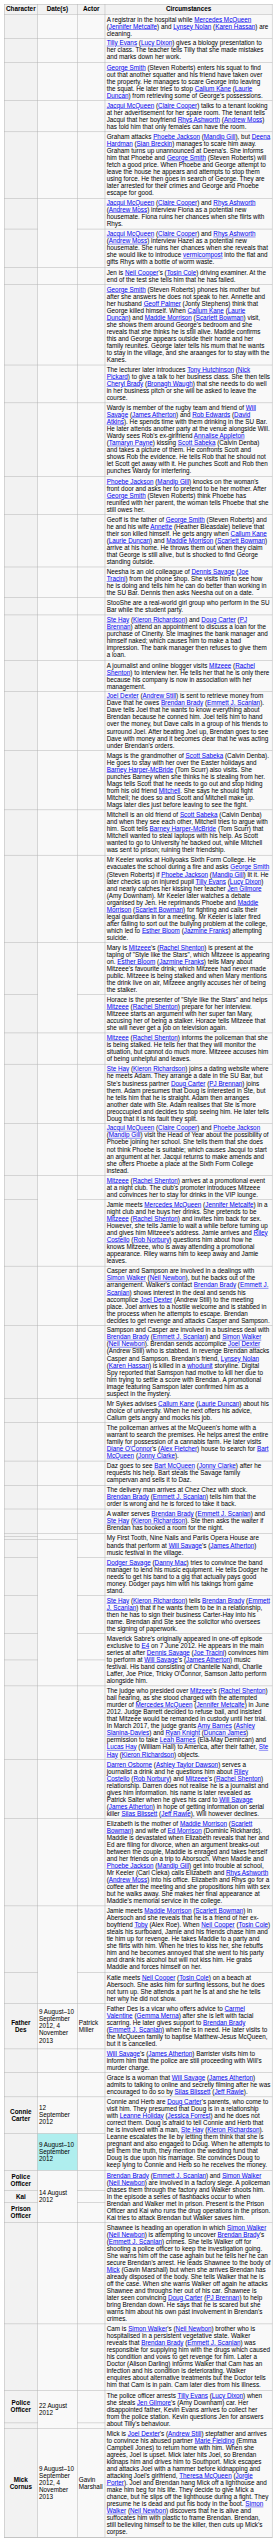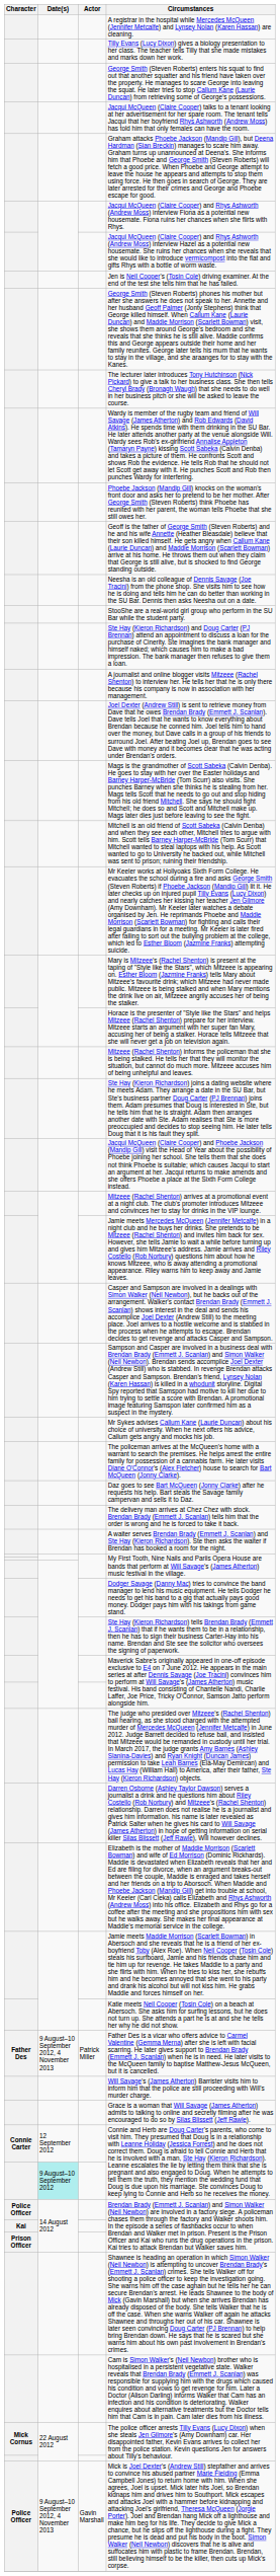 <table class="wikitable plainrowheaders" style="font-size:90%">
 <tr>
 <th scope="col">Character</th>
 <th scope="col">Date(s)</th>
 <th scope="col">Actor</th>
 <th scope="col">Circumstances</th>
 </tr>
 <tr>
 <th scope="row"></th>
 <td></td>
 <td></td>
 <td> A registrar in the hospital while <a href='#'>Mercedes McQueen</a> (<a href='#'>Jennifer Metcalfe</a>) and <a href='#'>Lynsey Nolan</a> (<a href='#'>Karen Hassan</a>) are cleaning.</td>
 </tr>
 <tr>
 <th scope="row"></th>
 <td></td>
 <td></td>
 <td> <a href='#'>Tilly Evans</a> (<a href='#'>Lucy Dixon</a>) gives a biology presentation to her class. The teacher tells Tilly that she made mistakes and marks down her work.</td>
 </tr>
 <tr>
 <th scope="row"></th>
 <td></td>
 <td></td>
 <td> <a href='#'>George Smith</a> (Steven Roberts) enters his squat to find out that another squatter and his friend have taken over the property. He manages to scare George into leaving the squat. He later tries to stop <a href='#'>Callum Kane</a> (<a href='#'>Laurie Duncan</a>) from retrieving some of George's possessions.</td>
 </tr>
 <tr>
 <th scope="row"></th>
 <td></td>
 <td></td>
 <td> <a href='#'>Jacqui McQueen</a> (<a href='#'>Claire Cooper</a>) talks to a tenant looking at her advertisement for her spare room. The tenant tells Jacqui that her boyfriend <a href='#'>Rhys Ashworth</a> (<a href='#'>Andrew Moss</a>) has told him that only females can have the room.</td>
 </tr>
 <tr>
 <th scope="row"></th>
 <td></td>
 <td></td>
 <td> Graham attacks <a href='#'>Phoebe Jackson</a> (<a href='#'>Mandip Gill</a>), but <a href='#'>Deena Hardman</a> (<a href='#'>Sian Breckin</a>) manages to scare him away. Graham turns up unannounced at Deena's. She informs him that Phoebe and <a href='#'>George Smith</a> (Steven Roberts) will fetch a good price. When Phoebe and George attempt to leave the house he appears and attempts to stop them using force. He then goes in search of George. They are later arrested for their crimes and George and Phoebe escape for good.</td>
 </tr>
 <tr>
 <th scope="row"></th>
 <td rowspan="2"></td>
 <td></td>
 <td> <a href='#'>Jacqui McQueen</a> (<a href='#'>Claire Cooper</a>) and <a href='#'>Rhys Ashworth</a> (<a href='#'>Andrew Moss</a>) interview Fiona as a potential new housemate. Fiona ruins her chances when she flirts with Rhys.</td>
 </tr>
 <tr>
 <th scope="row"></th>
 <td></td>
 <td> <a href='#'>Jacqui McQueen</a> (<a href='#'>Claire Cooper</a>) and <a href='#'>Rhys Ashworth</a> (<a href='#'>Andrew Moss</a>) interview Hazel as a potential new housemate. She ruins her chances when she reveals that she would like to introduce <a href='#'>vermicompost</a> into the flat and gifts Rhys with a bottle of worm waste.</td>
 </tr>
 <tr>
 <th scope="row"></th>
 <td></td>
 <td></td>
 <td> Jen is <a href='#'>Neil Cooper</a>'s (<a href='#'>Tosin Cole</a>) driving examiner. At the end of the test she tells him that he has failed.</td>
 </tr>
 <tr>
 <th scope="row"></th>
 <td></td>
 <td></td>
 <td> <a href='#'>George Smith</a> (Steven Roberts) phones his mother but after she answers he does not speak to her. Annette and her husband <a href='#'>Geoff Palmer</a> (Jonty Stephens) think that George killed himself. When <a href='#'>Callum Kane</a> (<a href='#'>Laurie Duncan</a>) and <a href='#'>Maddie Morrison</a> (<a href='#'>Scarlett Bowman</a>) visit, she shows them around George's bedroom and she reveals that she thinks he is still alive. Maddie confirms this and George appears outside their home and her family reunites. George later tells his mum that he wants to stay in the village, and she araanges for to stay with the Kanes.</td>
 </tr>
 <tr>
 <th scope="row"></th>
 <td></td>
 <td></td>
 <td> The lecturer later introduces <a href='#'>Tony Hutchinson</a> (<a href='#'>Nick Pickard</a>) to give a talk to her business class. She then tells <a href='#'>Cheryl Brady</a> (<a href='#'>Bronagh Waugh</a>) that she needs to do well in her business pitch or she will be asked to leave the course.</td>
 </tr>
 <tr>
 <th scope="row"></th>
 <td></td>
 <td></td>
 <td> Wardy is member of the rugby team and friend of <a href='#'>Will Savage</a> (<a href='#'>James Atherton</a>) and <a href='#'>Rob Edwards</a> (<a href='#'>David Atkins</a>). He spends time with them drinking in the SU Bar. He later attends another party at the venue alongside Will. Wardy sees Rob's ex-girlfriend <a href='#'>Annalise Appleton</a> (<a href='#'>Tamaryn Payne</a>) kissing <a href='#'>Scott Sabeka</a> (Calvin Denba) and takes a picture of them. He confronts Scott and shows Rob the evidence. He tells Rob that he should not let Scott get away with it. He punches Scott and Rob then punches Wardy for interfering.</td>
 </tr>
 <tr>
 <th scope="row"></th>
 <td></td>
 <td></td>
 <td> <a href='#'>Phoebe Jackson</a> (<a href='#'>Mandip Gill</a>) knocks on the woman's front door and asks her to pretend to be her mother. After <a href='#'>George Smith</a> (Steven Roberts) think Phoebe has reunited with her parent, the woman tells Phoebe that she still owes her.</td>
 </tr>
 <tr>
 <th scope="row"></th>
 <td></td>
 <td></td>
 <td> Geoff is the father of <a href='#'>George Smith</a> (Steven Roberts) and he and his wife <a href='#'>Annette</a> (Heather Bleasdale) believe that their son killed himself. He gets angry when <a href='#'>Callum Kane</a> (<a href='#'>Laurie Duncan</a>) and <a href='#'>Maddie Morrison</a> (<a href='#'>Scarlett Bowman</a>) arrive at his home. He throws them out when they claim that George is still alive, but is shocked to find George standing outside.</td>
 </tr>
 <tr>
 <th scope="row"></th>
 <td></td>
 <td></td>
 <td> Neesha is an old colleague of <a href='#'>Dennis Savage</a> (<a href='#'>Joe Tracini</a>) from the phone shop. She visits him to see how he is doing and tells him he can do better than working in the SU Bar. Dennis then asks Neesha out on a date.</td>
 </tr>
 <tr>
 <th scope="row"></th>
 <td></td>
 <td></td>
 <td> StooShe are a real-world girl group who perform in the SU Bar while the student party.</td>
 </tr>
 <tr>
 <th scope="row"></th>
 <td></td>
 <td></td>
 <td> <a href='#'>Ste Hay</a> (<a href='#'>Kieron Richardson</a>) and <a href='#'>Doug Carter</a> (<a href='#'>PJ Brennan</a>) attend an appointment to discuss a loan for the purchase of Cinerity. Ste imagines the bank manager and himself naked; which causes him to make a bad impression. The bank manager then refuses to give them a loan.</td>
 </tr>
 <tr>
 <th scope="row"></th>
 <td></td>
 <td></td>
 <td> A journalist and online blogger visits <a href='#'>Mitzeee</a> (<a href='#'>Rachel Shenton</a>) to interview her. He tells her that he is only there because his company is now in association with her management.</td>
 </tr>
 <tr>
 <th scope="row"></th>
 <td></td>
 <td></td>
 <td> <a href='#'>Joel Dexter</a> (<a href='#'>Andrew Still</a>) is sent to retrieve money from Dave that he owes <a href='#'>Brendan Brady</a> (<a href='#'>Emmett J. Scanlan</a>). Dave tells Joel that he wants to know everything about Brendan because he conned him. Joel tells him to hand over the money, but Dave calls in a group of his friends to surround Joel. After beating Joel up, Brendan goes to see Dave with money and it becomes clear that he was acting under Brendan's orders.</td>
 </tr>
 <tr>
 <th scope="row"></th>
 <td></td>
 <td></td>
 <td> Mags is the grandmother of <a href='#'>Scott Sabeka</a> (Calvin Denba). He goes to stay with her over the Easter holidays and <a href='#'>Barney Harper-McBride</a> (Tom Scurr) also visits. She punches Barney when she thinks he is stealing from her. Mags tells Scott that he needs to go out and stop hiding from his old friend <a href='#'>Mitchell</a>. She says he should fight Mitchell; he does so and Scott and Mitchell make up. Mags later dies just before leaving to see the fight.</td>
 </tr>
 <tr>
 <th scope="row"></th>
 <td></td>
 <td></td>
 <td> Mitchell is an old friend of <a href='#'>Scott Sabeka</a> (Calvin Denba) and when they see each other, Mitchell tries to argue with him. Scott tells <a href='#'>Barney Harper-McBride</a> (Tom Scurr) that Mitchell wanted to steal laptops with his help. As Scott wanted to go to University he backed out, while Mitchell was sent to prison; ruining their friendship.</td>
 </tr>
 <tr>
 <th scope="row"></th>
 <td></td>
 <td></td>
 <td> Mr Keeler works at Hollyoaks Sixth Form College. He evacuates the school during a fire and asks <a href='#'>George Smith</a> (Steven Roberts) if <a href='#'>Phoebe Jackson</a> (<a href='#'>Mandip Gill</a>) lit it. He later checks up on injured pupil <a href='#'>Tilly Evans</a> (<a href='#'>Lucy Dixon</a>) and nearly catches her kissing her teacher <a href='#'>Jen Gilmore</a> (Amy Downham). Mr Keeler later watches a debate organised by Jen. He reprimands Phoebe and <a href='#'>Maddie Morrison</a> (<a href='#'>Scarlett Bowman</a>) for fighting and calls their legal guardians in for a meeting. Mr Keeler is later fired after failing to sort out the bullying problem at the college, which led to <a href='#'>Esther Bloom</a> (<a href='#'>Jazmine Franks</a>) attempting suicide.</td>
 </tr>
 <tr>
 <th scope="row"></th>
 <td rowspan="2"></td>
 <td></td>
 <td> Mary is <a href='#'>Mitzeee</a>'s (<a href='#'>Rachel Shenton</a>) is present at the taping of "Style like the Stars", which Mitzeee is appearing on. <a href='#'>Esther Bloom</a> (<a href='#'>Jazmine Franks</a>) tells Mary about Mitzeee's favourite drink; which Mitzeee had never made public. Mitzeee is being stalked and when Mary mentions the drink live on air, Mitzeee angrily accuses her of being the stalker.</td>
 </tr>
 <tr>
 <th scope="row"></th>
 <td></td>
 <td> Horace is the presenter of "Style like the Stars" and helps <a href='#'>Mitzeee</a> (<a href='#'>Rachel Shenton</a>) prepare for her interview. Mitzeee starts an argument with her super fan Mary, accusing her of being a stalker. Horace tells Mitzeee that she will never get a job on television again.</td>
 </tr>
 <tr>
 <th scope="row"></th>
 <td></td>
 <td></td>
 <td> <a href='#'>Mitzeee</a> (<a href='#'>Rachel Shenton</a>) informs the policeman that she is being stalked. He tells her that they will monitor the situation, but cannot do much more. Mitzeee accuses him of being unhelpful and leaves.</td>
 </tr>
 <tr>
 <th scope="row"></th>
 <td></td>
 <td></td>
 <td> <a href='#'>Ste Hay</a> (<a href='#'>Kieron Richardson</a>) joins a dating website where he meets Adam. They arrange a date in the SU Bar, but Ste's business partner <a href='#'>Doug Carter</a> (<a href='#'>PJ Brennan</a>) joins them. Adam presumes that Doug is interested in Ste, but he tells him that he is straight. Adam then arranges another date with Ste. Adam realises that Ste is more preoccupied and decides to stop seeing him. He later tells Doug that it is his fault they split.</td>
 </tr>
 <tr>
 <th scope="row"></th>
 <td></td>
 <td></td>
 <td> <a href='#'>Jacqui McQueen</a> (<a href='#'>Claire Cooper</a>) and <a href='#'>Phoebe Jackson</a> (<a href='#'>Mandip Gill</a>) visit the Head of Year about the possibility of Phoebe joining her school. She tells them that she does not think Phoebe is suitable; which causes Jacqui to start an argument at her. Jacqui returns to make amends and she offers Phoebe a place at the Sixth Form College instead.</td>
 </tr>
 <tr>
 <th scope="row"></th>
 <td rowspan="2"></td>
 <td></td>
 <td> <a href='#'>Mitzeee</a> (<a href='#'>Rachel Shenton</a>) arrives at a promotional event at a night club. The club's promoter introduces Mitzeee and convinces her to stay for drinks in the VIP lounge.</td>
 </tr>
 <tr>
 <th scope="row"></th>
 <td></td>
 <td> Jamie meets <a href='#'>Mercedes McQueen</a> (<a href='#'>Jennifer Metcalfe</a>) in a night club and he buys her drinks. She pretends to be <a href='#'>Mitzeee</a> (<a href='#'>Rachel Shenton</a>) and invites him back for sex. However, she tells Jamie to wait a while before turning up and gives him Mitzeee's address. Jamie arrives and <a href='#'>Riley Costello</a> (<a href='#'>Rob Norbury</a>) questions him about how he knows Mitzeee, who is away attending a promotional appearance. Riley warns him to keep away and Jamie leaves.</td>
 </tr>
 <tr>
 <th scope="row"></th>
 <td></td>
 <td></td>
 <td> Casper and Sampson are involved in a dealings with <a href='#'>Simon Walker</a> (<a href='#'>Neil Newbon</a>), but he backs out of the arrangement. Walker's contact <a href='#'>Brendan Brady</a> (<a href='#'>Emmett J. Scanlan</a>) shows interest in the deal and sends his accomplice <a href='#'>Joel Dexter</a> (Andrew Still) to the meeting place. Joel arrives to a hostile welcome and is stabbed in the process when he attempts to escape. Brendan decides to get revenge and attacks Casper and Sampson.</td>
 </tr>
 <tr>
 <th scope="row"></th>
 <td></td>
 <td></td>
 <td> Sampson and Casper are involved in a business deal with <a href='#'>Brendan Brady</a> (<a href='#'>Emmett J. Scanlan</a>) and <a href='#'>Simon Walker</a> (<a href='#'>Neil Newbon</a>). Brendan sends accomplice <a href='#'>Joel Dexter</a> (Andrew Still) who is stabbed. In revenge Brendan attacks Casper and Sampson. Brendan's friend, <a href='#'>Lynsey Nolan</a> (<a href='#'>Karen Hassan</a>) is killed in a <a href='#'>whodunit</a> storyline. Digital Spy reported that Samspon had motive to kill her due to him trying to settle a score with Brendan. A promotional image featuring Samspon later confirmed him as a suspect in the mystery.</td>
 </tr>
 <tr>
 <th scope="row"></th>
 <td></td>
 <td></td>
 <td> Mr Sykes advises <a href='#'>Callum Kane</a> (<a href='#'>Laurie Duncan</a>) about his choice of university. When he next offers his advice, Callum gets angry and mocks his job.</td>
 </tr>
 <tr>
 <th scope="row"></th>
 <td></td>
 <td></td>
 <td> The policeman arrives at the McQueen's home with a warrant to search the premises. He helps arrest the entire family for possession of a cannabis farm. He later visits <a href='#'>Diane O'Connor</a>'s (<a href='#'>Alex Fletcher</a>) house to search for <a href='#'>Bart McQueen</a> (<a href='#'>Jonny Clarke</a>).</td>
 </tr>
 <tr>
 <th scope="row"></th>
 <td></td>
 <td></td>
 <td> Daz goes to see <a href='#'>Bart McQueen</a> (<a href='#'>Jonny Clarke</a>) after he requests his help. Bart steals the Savage family campervan and sells it to Daz.</td>
 </tr>
 <tr>
 <th scope="row"></th>
 <td></td>
 <td></td>
 <td> The delivery man arrives at Chez Chez with stock. <a href='#'>Brendan Brady</a> (<a href='#'>Emmett J. Scanlan</a>) tells him that the order is wrong and he is forced to take it back.</td>
 </tr>
 <tr>
 <th scope="row"></th>
 <td></td>
 <td></td>
 <td> A waiter serves <a href='#'>Brendan Brady</a> (<a href='#'>Emmett J. Scanlan</a>) and <a href='#'>Ste Hay</a> (<a href='#'>Kieron Richardson</a>). Ste then asks the waiter if Brendan has booked a room for the night.</td>
 </tr>
 <tr>
 <th scope="row"></th>
 <td rowspan="2"></td>
 <td rowspan="3"></td>
 <td rowspan="3"> My First Tooth, Nine Nails and Pariis Opera House are bands that perform at <a href='#'>Will Savage</a>'s (<a href='#'>James Atherton</a>) music festival in the village.</td>
 </tr>
 <tr>
 <th scope="row"></th>
 </tr>
 <tr>
 <th scope="row"></th>
 <td rowspan="5"></td>
 </tr>
 <tr>
 <th scope="row"></th>
 <td></td>
 <td> <a href='#'>Dodger Savage</a> (<a href='#'>Danny Mac</a>) tries to convince the band manager to lend his music equipment. He tells Dodger he needs to get his band to a gig that actually pays good money. Dodger pays him with his takings from game stand.</td>
 </tr>
 <tr>
 <th scope="row"></th>
 <td></td>
 <td> <a href='#'>Ste Hay</a> (<a href='#'>Kieron Richardson</a>) tells <a href='#'>Brendan Brady</a> (<a href='#'>Emmett J. Scanlan</a>) that if he wants them to be in a relationship, then he has to sign their business Carter-Hay into his name. Brendan and Ste see the solicitor who oversees the signing of paperwork.</td>
 </tr>
 <tr>
 <th scope="row"></th>
 <td></td>
 <td rowspan="2"> Maverick Sabre's originally appeared in one-off episode exclusive to <a href='#'>E4</a> on 7 June 2012. He appears in the main series at after <a href='#'>Dennis Savage</a> (<a href='#'>Joe Tracini</a>) convinces him to perform at <a href='#'>Will Savage</a>'s (<a href='#'>James Atherton</a>) music festival. His band consisting of Chantelle Nandi, Charlie Laffer, Joe Price, Tricky O'Connor, Samson Jatto perform alongside him.</td>
 </tr>
 <tr>
 <th scope="row"></th>
 <td></td>
 </tr>
 <tr>
 <th scope="row"></th>
 <td></td>
 <td></td>
 <td>The judge who presided over <a href='#'>Mitzeee</a>'s (<a href='#'>Rachel Shenton</a>) bail hearing, as she stood charged with the attempted murder of <a href='#'>Mercedes McQueen</a> (<a href='#'>Jennifer Metcalfe</a>) in June 2012. Judge Barrett decided to refuse bail, and insisted that Mitzeee would be remanded in custody until her trial. In March 2017, the judge grants <a href='#'>Amy Barnes</a> (<a href='#'>Ashley Slanina-Davies</a>) and <a href='#'>Ryan Knight</a> (<a href='#'>Duncan James</a>) permission to take <a href='#'>Leah Barnes</a> (Elà-May Demircan) and <a href='#'>Lucas Hay</a> (William Hall) to America, after their father, <a href='#'>Ste Hay</a> (<a href='#'>Kieron Richardson</a>) objects.</td>
 </tr>
 <tr>
 <th scope="row"></th>
 <td></td>
 <td></td>
 <td> <a href='#'>Darren Osborne</a> (<a href='#'>Ashley Taylor Dawson</a>) serves a journalist a drink and he questions him about <a href='#'>Riley Costello</a> (<a href='#'>Rob Norbury</a>) and <a href='#'>Mitzeee</a>'s (<a href='#'>Rachel Shenton</a>) relationship. Darren does not realise he is a journalist and gives him information. his name is later revealed as Patrick Salter when he gives his card to <a href='#'>Will Savage</a> (<a href='#'>James Atherton</a>) in hope of getting information on serial killer <a href='#'>Silas Blissett</a> (<a href='#'>Jeff Rawle</a>), Will however declines.</td>
 </tr>
 <tr>
 <th scope="row"></th>
 <td></td>
 <td></td>
 <td> Elizabeth is the mother of <a href='#'>Maddie Morrison</a> (<a href='#'>Scarlett Bowman</a>) and wife of <a href='#'>Ed Morrison</a> (Dominic Rickhards). Maddie is devastated when Elizabeth reveals that her and Ed are filing for divorce, when an argument breaks-out between the couple, Maddie is enraged and takes herself and her friends on a trip to Aborsoch. When Maddie and <a href='#'>Phoebe Jackson</a> (<a href='#'>Mandip Gill</a>) get into trouble at school, Mr Keeler (Carl Cieka) calls Elizabeth and <a href='#'>Rhys Ashworth</a> (<a href='#'>Andrew Moss</a>) into his office. Elizabeth and Rhys go for a coffee after the meeting and she propositions him with sex but he walks away. She makes her final appearance at Maddie's memorial service in the college.</td>
 </tr>
 <tr>
 <th scope="row"></th>
 <td rowspan="2"></td>
 <td></td>
 <td> Jamie meets <a href='#'>Maddie Morrison</a> (<a href='#'>Scarlett Bowman</a>) in Abersoch and she reveals that he is a friend of her ex-boyfriend <a href='#'>Toby</a> (Alex Roe). When <a href='#'>Neil Cooper</a> (<a href='#'>Tosin Cole</a>) steals his surfboard, Jamie and his friends chase him and tie him up for revenge. He takes Maddie to a party and she flirts with him. When he tries to kiss her, she rebuffs him and he becomes annoyed that she went to his party and drank his alcohol but will not kiss him. He grabs Maddie and forces himself on her.</td>
 </tr>
 <tr>
 <th scope="row"></th>
 <td></td>
 <td> Katie meets <a href='#'>Neil Cooper</a> (<a href='#'>Tosin Cole</a>) on a beach at Abersoch. She asks him for surfing lessons, but he does not turn up. She attends a part he is at and she he tells her why he did not show.</td>
 </tr>
 <tr>
 <th scope="row">Father Des</th>
 <td>9 August–10 September 2012, 4 November 2013</td>
 <td>Patrick Miller</td>
 <td>Father Des is a vicar who offers advice to <a href='#'>Carmel Valentine</a> (<a href='#'>Gemma Merna</a>) after she is left with facial scarring. He later gives support to <a href='#'>Brendan Brady</a> (<a href='#'>Emmett J. Scanlan</a>) when he is in need. He later visits to the McQueen family to baptise Matthew-Jesus McQueen, but it is cancelled. </td>
 </tr>
 <tr>
 <th scope="row"></th>
 <td></td>
 <td></td>
 <td> <a href='#'>Will Savage</a>'s (<a href='#'>James Atherton</a>) Barrister visits him to inform him that the police are still proceeding with Will's murder charge.</td>
 </tr>
 <tr>
 <th scope="row"></th>
 <td></td>
 <td></td>
 <td> Grace is a woman that <a href='#'>Will Savage</a> (<a href='#'>James Atherton</a>) admits to talking to online and secretly filming after he was encouraged to do so by <a href='#'>Silas Blissett</a> (<a href='#'>Jeff Rawle</a>).</td>
 </tr>
 <tr>
 <th scope="row">Connie Carter </th>
 <td>12 September 2012</td>
 <td></td>
 <td rowspan="2">Connie and Herb are <a href='#'>Doug Carter</a>'s parents, who come to visit him. They presumed that Doug is in a relationship with <a href='#'>Leanne Holiday</a> (<a href='#'>Jessica Forrest</a>) and he does not correct them. Doug is afraid to tell Connie and Herb that he is involved with a man, <a href='#'>Ste Hay</a> (<a href='#'>Kieron Richardson</a>). Leanne escalates the lie by letting them think that she is pregnant and also engaged to Doug. When he attempts to tell them the truth, they mention the wedding fund that Doug is due upon his marriage. Ste convinces Doug to keep lying to Connie and Herb so he receives the money.</td>
 </tr>
 <tr>
 <th scope="row"></th>
 <td style="background: paleturquoise;">9 August–10 September 2012</td>
 <td></td>
 </tr>
 <tr>
 <th scope="row">Police Officer</th>
 <td rowspan="3">14 August 2012</td>
 <td></td>
 <td rowspan="3"><a href='#'>Brendan Brady</a> (<a href='#'>Emmett J. Scanlan</a>) and <a href='#'>Simon Walker</a> (<a href='#'>Neil Newbon</a>) are involved in a factory siege. A policeman chases them through the factory and Walker shoots him. In the episode a series of flashbacks occur to when Brendan and Walker met in prison. Present is the Prison Officer and Kai who runs the drug operations in the prison. Kai tries to attack Brendan but Walker saves him.</td>
 </tr>
 <tr>
 <th scope="row">Kai</th>
 <td></td>
 </tr>
 <tr>
 <th scope="row">Prison Officer</th>
 <td></td>
 </tr>
 <tr>
 <th scope="row"></th>
 <td></td>
 <td></td>
 <td> Shawnee is heading an operation in which <a href='#'>Simon Walker</a> (<a href='#'>Neil Newbon</a>) is attempting to uncover <a href='#'>Brendan Brady</a>'s (<a href='#'>Emmett J. Scanlan</a>) crimes. She tells Walker off for shooting a police officer to keep the investigation going. She warns him off the case aghain but he tells her he can secure Brendan's arrest. He leads Shawnee to the body of <a href='#'>Mick</a> (Gavin Marshall) but when she arrives Brendan has already disposed of the body. She tells Walker that he is off the case. When she warns Walker off again he attacks Shawnee and throughs her out of his car. Shawnee is later seen convincing <a href='#'>Doug Carter</a> (<a href='#'>PJ Brennan</a>) to help bring Brendan down. He says that he is scared but she warns him about his own past involvement in Brendan's crimes.</td>
 </tr>
 <tr>
 <th scope="row"></th>
 <td></td>
 <td></td>
 <td> Cam is <a href='#'>Simon Walker</a>'s (<a href='#'>Neil Newbon</a>) brother who is hospitalised in a persistent vegetative state. Walker reveals that <a href='#'>Brendan Brady</a> (<a href='#'>Emmett J. Scanlan</a>) was responsible for supplying him with the drugs which caused his condition and vows to get revenge for him. Later a Doctor (Alison Darling) informs Walker that Cam has an infection and his condition is deteriorating. Walker enquires about alternative treatments but the Doctor tells him that Cam is in pain. Cam later dies from his illness.</td>
 </tr>
 <tr>
-<th scope="row">Police Officer</th>
+<th scope="row">Mick Cornus</th>
 <td rowspan="2">22 August 2012</td>
 <td></td>
 <td rowspan="2">The police officer arrests <a href='#'>Tilly Evans</a> (<a href='#'>Lucy Dixon</a>) when she steals <a href='#'>Jen Gilmore</a>'s (Amy Downham) car. Her disappointed father, Kevin Evans arrives to collect her from the police station. Kevin questions Jen for answers about Tilly's behaviour.</td>
 </tr>
 <tr>
 <th scope="row"></th>
 <td></td>
 </tr>
 <tr>
-<th scope="row">Mick Cornus</th>
+<th scope="row">Police Officer</th>
 <td>9 August–10 September 2012, 4 November 2013</td>
 <td>Gavin Marshall</td>
 <td>Mick is <a href='#'>Joel Dexter</a>'s (<a href='#'>Andrew Still</a>) stepfather and arrives to convince his abused partner <a href='#'>Marie Fielding</a> (Emma Campbell Jones) to return home with him. When she agrees, Joel is upset. Mick later hits Joel, so Brendan kidnaps him and drives him to Southport. Mick escapes and attacks Joel with a hammer before kidnapping and attacking Joel's girlfriend, <a href='#'>Theresa McQueen</a> (<a href='#'>Jorgie Porter</a>). Joel and Brendan hang Mick off a lighthouse and make him beg for his life. They decide to give Mick a chance, but he slips off the lighthouse during a fight. They presume he is dead and put his body in the boot. <a href='#'>Simon Walker</a> (<a href='#'>Neil Newbon</a>) discovers that he is alive and suffocates him with plastic to frame Brendan. Brendan, still believing himself to be the killer, then cuts up Mick's corpse.</td>
 </tr>
 <tr>
 </tr>
 </table>
